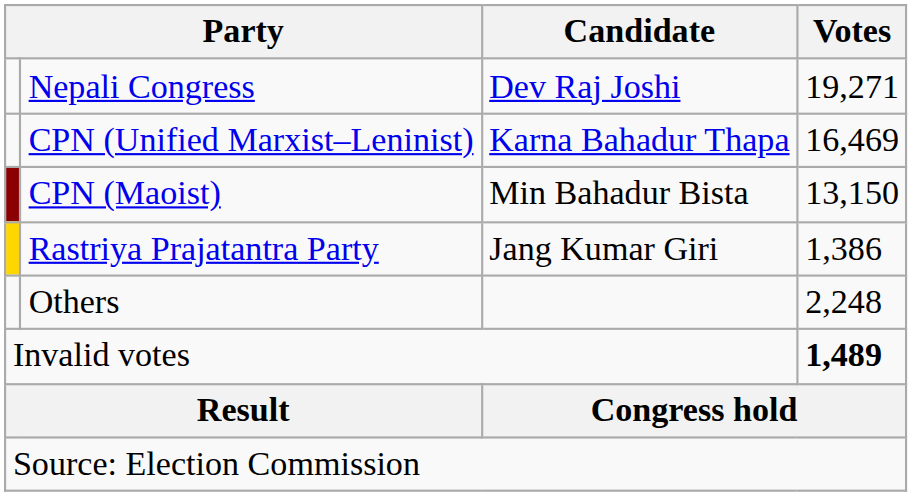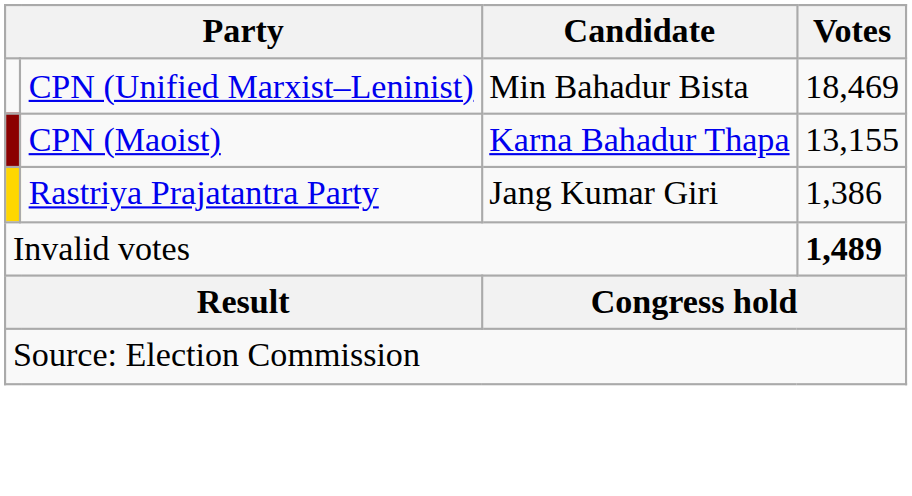 <table class="wikitable">
 <tr>
 <th colspan="2">Party</th>
 <th>Candidate</th>
 <th>Votes</th>
 </tr>
 <tr>
 <td style="background-color:"></td>
-<td><a href='#'>Nepali Congress</a></td>
-<td><a href='#'>Dev Raj Joshi</a></td>
-<td>19,271</td>
-</tr>
-<tr>
-<td style="background-color:"></td>
 <td><a href='#'>CPN (Unified Marxist–Leninist)</a></td>
-<td><a href='#'>Karna Bahadur Thapa</a></td>
-<td>16,469</td>
+<td>Min Bahadur Bista</td>
+<td>18,469</td>
 </tr>
 <tr>
 <td style="background-color:darkred"></td>
 <td><a href='#'>CPN (Maoist)</a></td>
-<td>Min Bahadur Bista</td>
-<td>13,150</td>
+<td><a href='#'>Karna Bahadur Thapa</a></td>
+<td>13,155</td>
 </tr>
 <tr>
 <td style="background-color:gold"></td>
 <td><a href='#'>Rastriya Prajatantra Party</a></td>
 <td>Jang Kumar Giri</td>
 <td>1,386</td>
-</tr>
-<tr>
-<td></td>
-<td>Others</td>
-<td></td>
-<td>2,248</td>
 </tr>
 <tr>
 <td colspan="3">Invalid votes</td>
 <td><strong>1,489</strong></td>
 </tr>
 <tr>
 <th colspan="2">Result</th>
 <th colspan="2">Congress hold</th>
 </tr>
 <tr>
 <td colspan="4">Source: Election Commission</td>
 </tr>
 </table>
